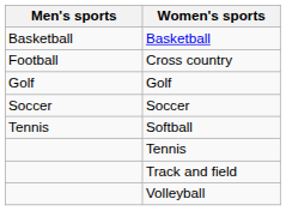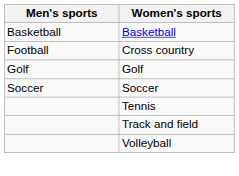 <table class="wikitable"; style= "text-align: ">
 <tr>
 <th width=150px>Men's sports</th>
 <th width=150px>Women's sports</th>
 </tr>
 <tr>
 <td>Basketball</td>
 <td><a href='#'>Basketball</a></td>
 </tr>
 <tr>
 <td>Football</td>
 <td>Cross country</td>
 </tr>
 <tr>
 <td>Golf</td>
 <td>Golf</td>
 </tr>
 <tr>
 <td>Soccer</td>
 <td>Soccer</td>
 </tr>
 <tr>
-<td>Tennis</td>
-<td>Softball</td>
-</tr>
-<tr>
 <td></td>
 <td>Tennis</td>
 </tr>
 <tr>
 <td></td>
 <td>Track and field</td>
 </tr>
 <tr>
 <td></td>
 <td>Volleyball</td>
 </tr>
 </table>
